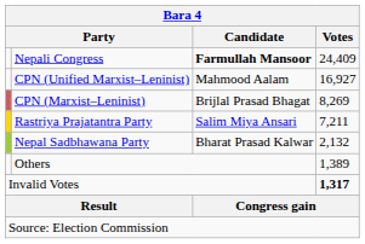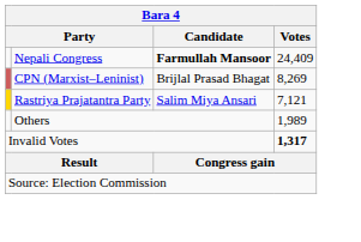 <table class="wikitable">
 <tr>
 <th colspan="4"><a href='#'>Bara 4</a></th>
 </tr>
 <tr>
 <th colspan="2">Party</th>
 <th>Candidate</th>
 <th>Votes</th>
 </tr>
 <tr>
 <td style="background-color:"></td>
 <td><a href='#'>Nepali Congress</a></td>
 <td><strong>Farmullah Mansoor</strong></td>
 <td>24,409</td>
 </tr>
 <tr>
-<td style="background-color:"></td>
-<td><a href='#'>CPN (Unified Marxist–Leninist)</a></td>
-<td>Mahmood Aalam</td>
-<td>16,927</td>
-</tr>
-<tr>
 <td style="background-color:indianred"></td>
 <td><a href='#'>CPN (Marxist–Leninist)</a></td>
 <td>Brijlal Prasad Bhagat</td>
 <td>8,269</td>
 </tr>
 <tr>
 <td style="background-color:gold"></td>
 <td><a href='#'>Rastriya Prajatantra Party</a></td>
 <td><a href='#'>Salim Miya Ansari</a></td>
-<td>7,211</td>
-</tr>
-<tr>
-<td style="background-color:yellowgreen"></td>
-<td><a href='#'>Nepal Sadbhawana Party</a></td>
-<td>Bharat Prasad Kalwar</td>
-<td>2,132</td>
+<td>7,121</td>
 </tr>
 <tr>
 <td></td>
 <td colspan="2">Others</td>
-<td>1,389</td>
+<td>1,989</td>
 </tr>
 <tr>
 <td colspan="3">Invalid Votes</td>
 <td><strong>1,317</strong></td>
 </tr>
 <tr>
 <th colspan="2">Result</th>
 <th colspan="2">Congress gain</th>
 </tr>
 <tr>
 <td colspan="4">Source: Election Commission</td>
 </tr>
 </table>
